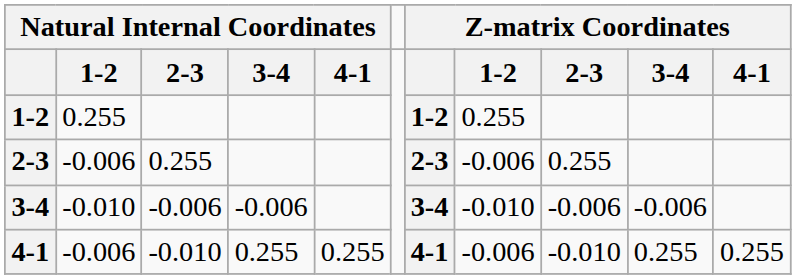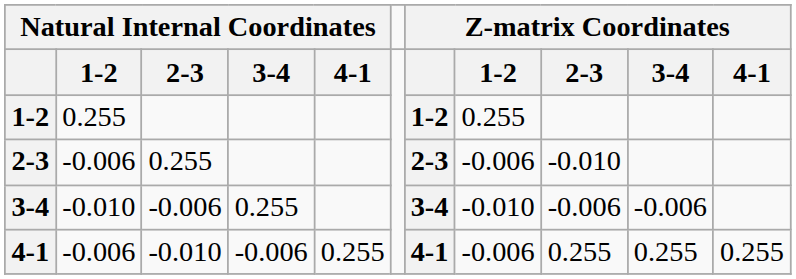 <table class="wikitable">
 <tr>
 <th colspan="5">Natural Internal Coordinates</th>
 <td></td>
 <th colspan="5">Z-matrix Coordinates</th>
 </tr>
 <tr>
 <th></th>
 <th>1-2</th>
 <th>2-3</th>
 <th>3-4</th>
 <th>4-1</th>
 <td rowspan="5"></td>
 <th></th>
 <th>1-2</th>
 <th>2-3</th>
 <th>3-4</th>
 <th>4-1</th>
 </tr>
 <tr>
 <th><strong>1-2</strong></th>
 <td>0.255</td>
 <td></td>
 <td></td>
 <td></td>
 <th><strong>1-2</strong></th>
 <td>0.255</td>
 <td></td>
 <td></td>
 <td></td>
 </tr>
 <tr>
 <th><strong>2-3</strong></th>
 <td>-0.006</td>
 <td>0.255</td>
 <td></td>
 <td></td>
 <th><strong>2-3</strong></th>
 <td>-0.006</td>
-<td>0.255</td>
+<td>-0.010</td>
 <td></td>
 <td></td>
 </tr>
 <tr>
 <th><strong>3-4</strong></th>
 <td>-0.010</td>
 <td>-0.006</td>
-<td>-0.006</td>
+<td>0.255</td>
 <td></td>
 <th><strong>3-4</strong></th>
 <td>-0.010</td>
 <td>-0.006</td>
 <td>-0.006</td>
 <td></td>
 </tr>
 <tr>
 <th><strong>4-1</strong></th>
 <td>-0.006</td>
 <td>-0.010</td>
-<td>0.255</td>
+<td>-0.006</td>
 <td>0.255</td>
 <th><strong>4-1</strong></th>
 <td>-0.006</td>
-<td>-0.010</td>
+<td>0.255</td>
 <td>0.255</td>
 <td>0.255</td>
 </tr>
 </table>
